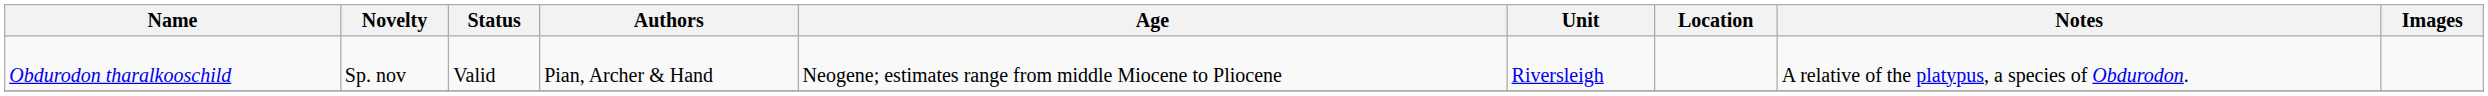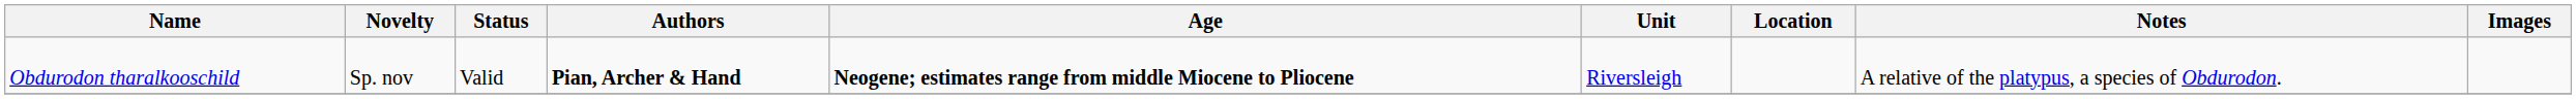 <table class="wikitable sortable" align="center" width="100%">
 <tr>
 <th>Name</th>
 <th>Novelty</th>
 <th>Status</th>
 <th>Authors</th>
 <th>Age</th>
 <th>Unit</th>
 <th>Location</th>
 <th>Notes</th>
 <th>Images</th>
 </tr>
 <tr>
 <td><br><em><a href='#'>Obdurodon tharalkooschild</a></em></td>
 <td><br>Sp. nov</td>
 <td><br>Valid</td>
-<td><br>Pian, Archer & Hand</td>
-<td><br>Neogene; estimates range from middle Miocene to Pliocene</td>
+<td><strong><br>Pian, Archer & Hand</strong></td>
+<td><strong><br>Neogene; estimates range from middle Miocene to Pliocene</strong></td>
 <td><br><a href='#'>Riversleigh</a></td>
 <td><br></td>
 <td><br>A relative of the <a href='#'>platypus</a>, a species of <em><a href='#'>Obdurodon</a></em>.</td>
 <td></td>
 </tr>
 <tr>
 </tr>
 </table>
